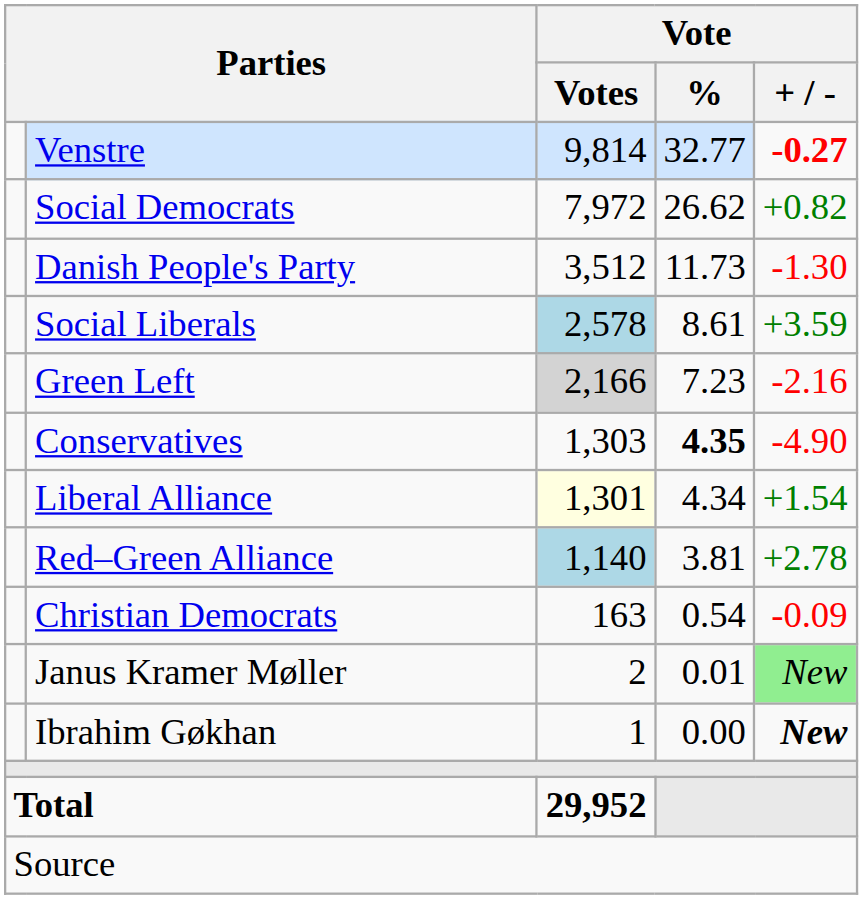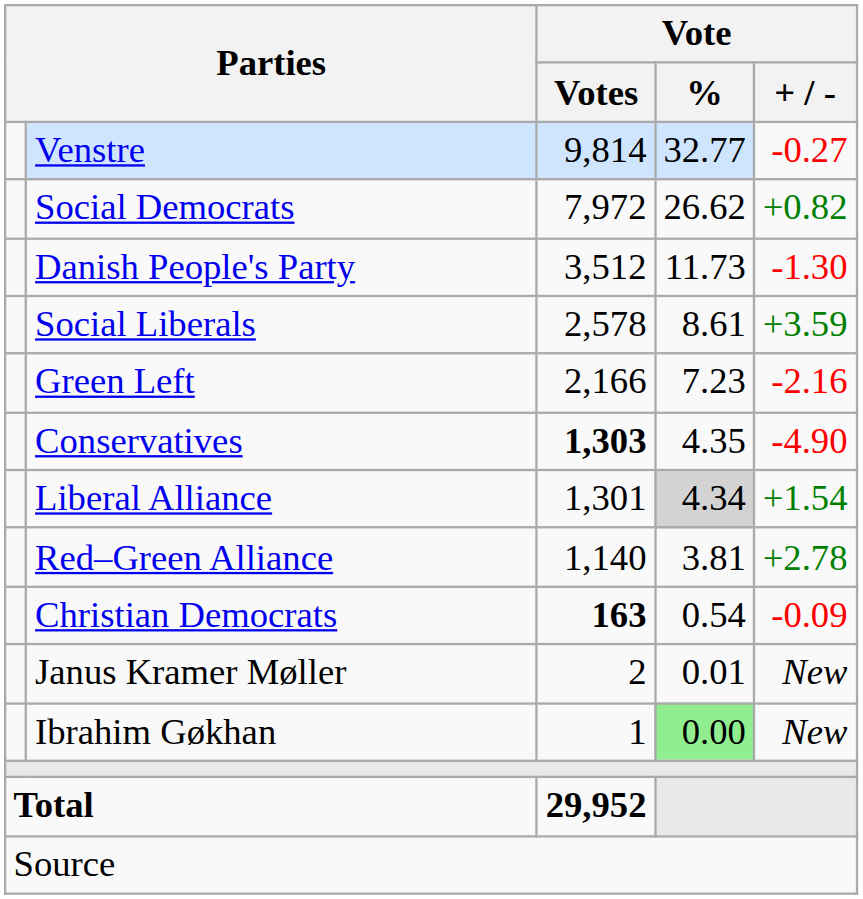 <table class="wikitable" style="text-align:right;">
 <tr>
 <th style="text-align:centre;" rowspan="2" colspan="2" width="225">Parties</th>
 <th colspan="3">Vote</th>
 </tr>
 <tr>
 <th width="15">Votes</th>
 <th width="15">%</th>
 <th width="15">+ / -</th>
 </tr>
 <tr>
 <td width="2" style="color:inherit;background:"></td>
 <td bgcolor=#cfe5fe  align="left"><a href='#'>Venstre</a></td>
 <td bgcolor=#cfe5fe>9,814</td>
 <td bgcolor=#cfe5fe>32.77</td>
-<td style=color:red;><strong>-0.27</strong></td>
+<td style=color:red;>-0.27</td>
 </tr>
 <tr>
 <td width="2" style="color:inherit;background:"></td>
 <td align="left"><a href='#'>Social Democrats</a></td>
 <td>7,972</td>
 <td>26.62</td>
 <td style=color:green;>+0.82</td>
 </tr>
 <tr>
 <td width="2" style="color:inherit;background:"></td>
 <td align="left"><a href='#'>Danish People's Party</a></td>
 <td>3,512</td>
 <td>11.73</td>
 <td style=color:red;>-1.30</td>
 </tr>
 <tr>
 <td width="2" style="color:inherit;background:"></td>
 <td align="left"><a href='#'>Social Liberals</a></td>
-<td style="background: lightblue;">2,578</td>
+<td>2,578</td>
 <td>8.61</td>
 <td style=color:green;>+3.59</td>
 </tr>
 <tr>
 <td width="2" style="color:inherit;background:"></td>
 <td align="left"><a href='#'>Green Left</a></td>
-<td style="background: lightgrey;">2,166</td>
+<td>2,166</td>
 <td>7.23</td>
 <td style=color:red;>-2.16</td>
 </tr>
 <tr>
 <td width="2" style="color:inherit;background:"></td>
 <td align="left"><a href='#'>Conservatives</a></td>
-<td>1,303</td>
-<td><strong>4.35</strong></td>
+<td><strong>1,303</strong></td>
+<td>4.35</td>
 <td style=color:red;>-4.90</td>
 </tr>
 <tr>
 <td width="2" style="color:inherit;background:"></td>
 <td align="left"><a href='#'>Liberal Alliance</a></td>
-<td style="background: lightyellow;">1,301</td>
-<td>4.34</td>
+<td>1,301</td>
+<td style="background: lightgrey;">4.34</td>
 <td style=color:green;>+1.54</td>
 </tr>
 <tr>
 <td width="2" style="color:inherit;background:"></td>
 <td align="left"><a href='#'>Red–Green Alliance</a></td>
-<td style="background: lightblue;">1,140</td>
+<td>1,140</td>
 <td>3.81</td>
 <td style=color:green;>+2.78</td>
 </tr>
 <tr>
 <td width="2" style="color:inherit;background:"></td>
 <td align="left"><a href='#'>Christian Democrats</a></td>
-<td>163</td>
+<td><strong>163</strong></td>
 <td>0.54</td>
 <td style=color:red;>-0.09</td>
 </tr>
 <tr>
 <td width="2" style="color:inherit;background:"></td>
 <td align="left">Janus Kramer Møller</td>
 <td>2</td>
 <td>0.01</td>
-<td style="background: lightgreen;"><em>New</em></td>
+<td><em>New</em></td>
 </tr>
 <tr>
 <td width="2" style="color:inherit;background:"></td>
 <td align="left">Ibrahim Gøkhan</td>
 <td>1</td>
-<td>0.00</td>
-<td><strong><em>New</em></strong></td>
+<td style="background: lightgreen;">0.00</td>
+<td><em>New</em></td>
 </tr>
 <tr>
 <td colspan="7" bgcolor="#E9E9E9"></td>
 </tr>
 <tr>
 <td align="left" colspan="2"><strong>Total</strong></td>
 <td><strong>29,952</strong></td>
 <td bgcolor="#E9E9E9" colspan="2"></td>
 </tr>
 <tr>
 <td align="left" colspan="6">Source</td>
 </tr>
 </table>
